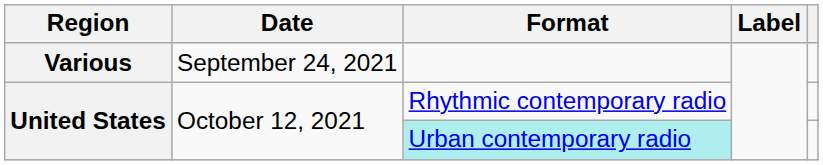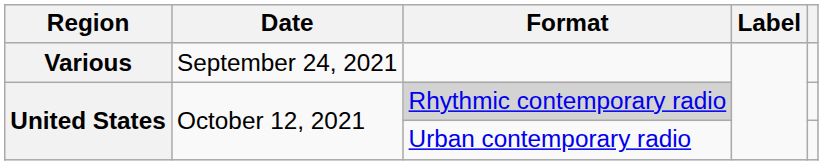 <table class="wikitable sortable plainrowheaders">
 <tr>
 <th scope="col">Region</th>
 <th scope="col">Date</th>
 <th scope="col">Format</th>
 <th scope="col">Label</th>
 <th scope="col"></th>
 </tr>
 <tr>
 <th scope="row">Various</th>
 <td>September 24, 2021</td>
 <td></td>
 <td rowspan="3"></td>
 <td align="center"></td>
 </tr>
 <tr>
 <th scope="row" rowspan="2">United States</th>
 <td rowspan="2">October 12, 2021</td>
-<td><a href='#'>Rhythmic contemporary radio</a></td>
+<td style="background: lightgrey;"><a href='#'>Rhythmic contemporary radio</a></td>
 <td align="center"></td>
 </tr>
 <tr>
-<td style="background: paleturquoise;"><a href='#'>Urban contemporary radio</a></td>
+<td><a href='#'>Urban contemporary radio</a></td>
 <td align="center"></td>
 </tr>
 </table>
